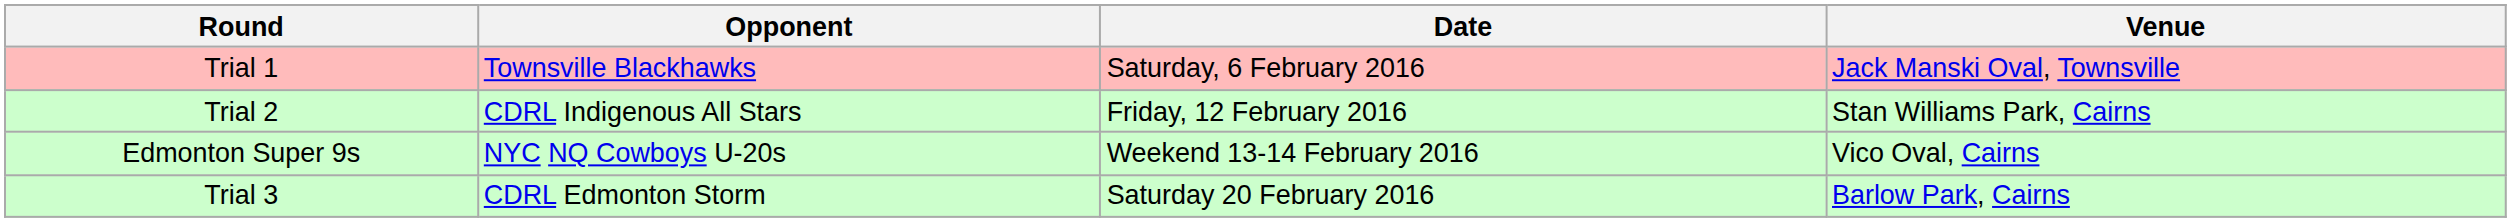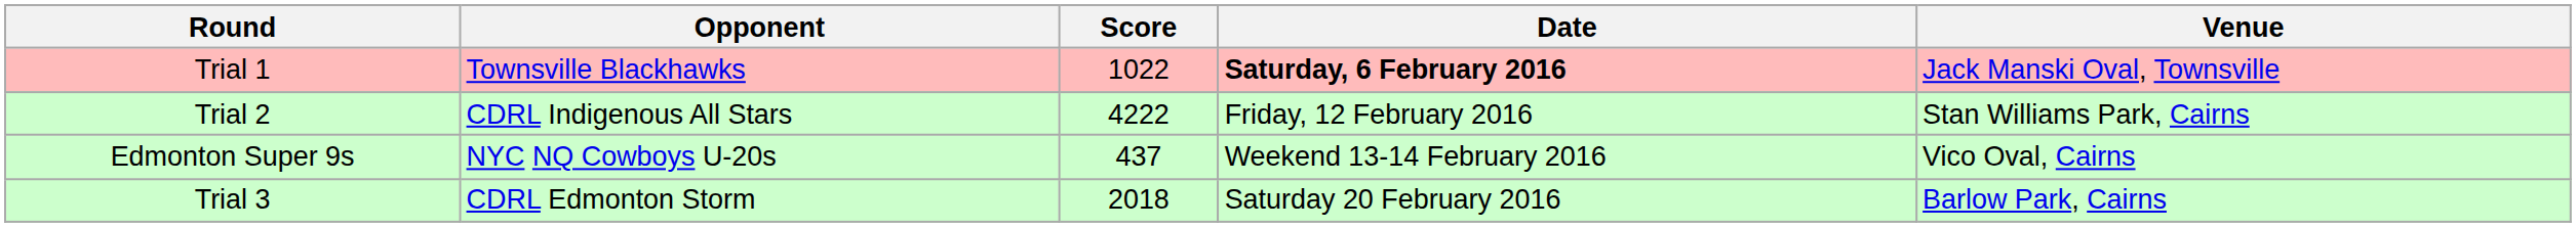 <table class="wikitable" style="font-size:85%; bgcolor:#d6d6d6; width:100%;">
 <tr>
 <th width="">Round</th>
 <th width="">Opponent</th>
+<th width="">Score</th>
 <th width="">Date</th>
 <th width="">Venue</th>
 </tr>
 <tr bgcolor=#FFBBBB>
 <td style="text-align:center;">Trial 1</td>
 <td> <a href='#'>Townsville Blackhawks</a></td>
-<td>Saturday, 6 February 2016</td>
+<td style="text-align:center;">1022</td>
+<td><strong>Saturday, 6 February 2016</strong></td>
 <td><a href='#'>Jack Manski Oval</a>, <a href='#'>Townsville</a></td>
 </tr>
 <tr bgcolor=#CCFFCC>
 <td style="text-align:center;">Trial 2</td>
 <td> <a href='#'>CDRL</a> Indigenous All Stars</td>
+<td style="text-align:center;">4222</td>
 <td>Friday, 12 February 2016</td>
 <td>Stan Williams Park, <a href='#'>Cairns</a></td>
 </tr>
 <tr bgcolor=CCFFCC>
 <td style="text-align:center;">Edmonton Super 9s</td>
 <td> <a href='#'>NYC</a> <a href='#'>NQ Cowboys</a> U-20s</td>
+<td style="text-align:center;">437</td>
 <td>Weekend 13-14 February 2016</td>
 <td>Vico Oval, <a href='#'>Cairns</a></td>
 </tr>
 <tr bgcolor=CCFFCC>
 <td style="text-align:center;">Trial 3</td>
 <td> <a href='#'>CDRL</a> Edmonton Storm</td>
+<td style="text-align:center;">2018</td>
 <td>Saturday 20 February 2016</td>
 <td><a href='#'>Barlow Park</a>, <a href='#'>Cairns</a></td>
 </tr>
 </table>
